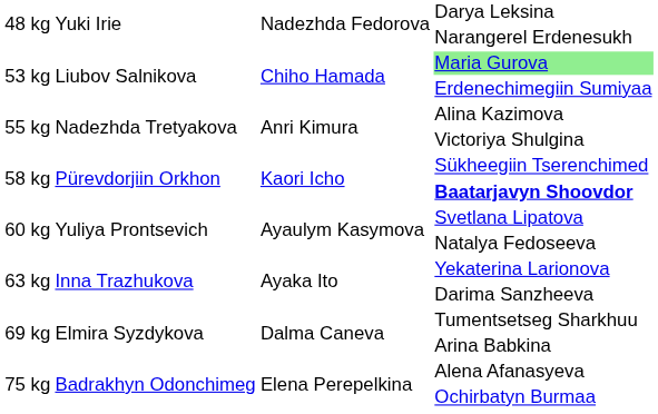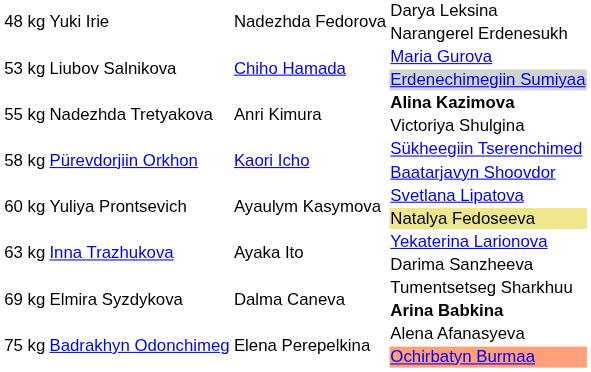 <table>
 <tr>
 <td rowspan=2>48 kg<br></td>
 <td rowspan=2> Yuki Irie</td>
 <td rowspan=2> Nadezhda Fedorova</td>
 <td> Darya Leksina</td>
 </tr>
 <tr>
 <td> Narangerel Erdenesukh</td>
 </tr>
 <tr>
 <td rowspan=2>53 kg<br></td>
 <td rowspan=2> Liubov Salnikova</td>
 <td rowspan=2> <a href='#'>Chiho Hamada</a></td>
-<td style="background: lightgreen;"> <a href='#'>Maria Gurova</a></td>
+<td> <a href='#'>Maria Gurova</a></td>
 </tr>
 <tr>
-<td> <a href='#'>Erdenechimegiin Sumiyaa</a></td>
+<td style="background: lightgrey;"> <a href='#'>Erdenechimegiin Sumiyaa</a></td>
 </tr>
 <tr>
 <td rowspan=2>55 kg<br></td>
 <td rowspan=2> Nadezhda Tretyakova</td>
 <td rowspan=2> Anri Kimura</td>
-<td> Alina Kazimova</td>
+<td><strong> Alina Kazimova</strong></td>
 </tr>
 <tr>
 <td> Victoriya Shulgina</td>
 </tr>
 <tr>
 <td rowspan=2>58 kg<br></td>
 <td rowspan=2> <a href='#'>Pürevdorjiin Orkhon</a></td>
 <td rowspan=2> <a href='#'>Kaori Icho</a></td>
 <td> <a href='#'>Sükheegiin Tserenchimed</a></td>
 </tr>
 <tr>
-<td><strong>  <a href='#'>Baatarjavyn Shoovdor</a></strong></td>
+<td>  <a href='#'>Baatarjavyn Shoovdor</a></td>
 </tr>
 <tr>
 <td rowspan=2>60 kg<br></td>
 <td rowspan=2> Yuliya Prontsevich</td>
 <td rowspan=2> Ayaulym Kasymova</td>
 <td> <a href='#'>Svetlana Lipatova</a></td>
 </tr>
 <tr>
-<td> Natalya Fedoseeva</td>
+<td style="background: khaki;"> Natalya Fedoseeva</td>
 </tr>
 <tr>
 <td rowspan=2>63 kg<br></td>
 <td rowspan=2> <a href='#'>Inna Trazhukova</a></td>
 <td rowspan=2> Ayaka Ito</td>
 <td> <a href='#'>Yekaterina Larionova</a></td>
 </tr>
 <tr>
 <td> Darima Sanzheeva</td>
 </tr>
 <tr>
 <td rowspan=2>69 kg<br></td>
 <td rowspan=2> Elmira Syzdykova</td>
 <td rowspan=2> Dalma Caneva</td>
 <td> Tumentsetseg Sharkhuu</td>
 </tr>
 <tr>
-<td> Arina Babkina</td>
+<td><strong> Arina Babkina</strong></td>
 </tr>
 <tr>
 <td rowspan=2>75 kg<br></td>
 <td rowspan=2> <a href='#'>Badrakhyn Odonchimeg</a></td>
 <td rowspan=2> Elena Perepelkina</td>
 <td> Alena Afanasyeva</td>
 </tr>
 <tr>
-<td> <a href='#'>Ochirbatyn Burmaa</a></td>
+<td style="background: lightsalmon;"> <a href='#'>Ochirbatyn Burmaa</a></td>
 </tr>
 </table>
